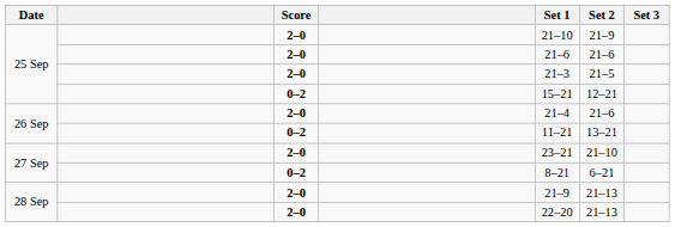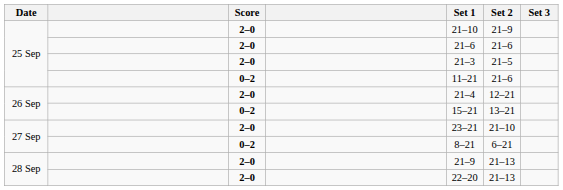 <table class="wikitable" style="text-align: center;">
 <tr>
 <th width="60">Date</th>
 <th align="right" width="270"></th>
 <th width="50">Score</th>
 <th align="left" width="270"></th>
 <th width="50">Set 1</th>
 <th width="50">Set 2</th>
 <th width="50">Set 3</th>
 </tr>
 <tr>
 <td rowspan=4>25 Sep</td>
 <td align=left><strong></strong></td>
 <td align=center><strong>2–0</strong></td>
 <td align=left></td>
 <td>21–10</td>
 <td>21–9</td>
 <td></td>
 </tr>
 <tr>
 <td align=left><strong></strong></td>
 <td align=center><strong>2–0</strong></td>
 <td align=left></td>
 <td>21–6</td>
 <td>21–6</td>
 <td></td>
 </tr>
 <tr>
 <td align=left><strong></strong></td>
 <td align=center><strong>2–0</strong></td>
 <td align=left></td>
 <td>21–3</td>
 <td>21–5</td>
 <td></td>
 </tr>
 <tr>
 <td align=left></td>
 <td align=center><strong>0–2</strong></td>
 <td align=left><strong></strong></td>
-<td>15–21</td>
-<td>12–21</td>
+<td>11–21</td>
+<td>21–6</td>
 <td></td>
 </tr>
 <tr>
 <td rowspan=2>26 Sep</td>
 <td align=left><strong></strong></td>
 <td align=center><strong>2–0</strong></td>
 <td align=left></td>
 <td>21–4</td>
-<td>21–6</td>
+<td>12–21</td>
 <td></td>
 </tr>
 <tr>
 <td align=left></td>
 <td align=center><strong>0–2</strong></td>
 <td align=left><strong></strong></td>
-<td>11–21</td>
+<td>15–21</td>
 <td>13–21</td>
 <td></td>
 </tr>
 <tr>
 <td rowspan=2>27 Sep</td>
 <td align=left><strong></strong></td>
 <td align=center><strong>2–0</strong></td>
 <td align=left></td>
 <td>23–21</td>
 <td>21–10</td>
 <td></td>
 </tr>
 <tr>
 <td align=left></td>
 <td align=center><strong>0–2</strong></td>
 <td align=left><strong></strong></td>
 <td>8–21</td>
 <td>6–21</td>
 <td></td>
 </tr>
 <tr>
 <td rowspan=2>28 Sep</td>
 <td align=left><strong></strong></td>
 <td align=center><strong>2–0</strong></td>
 <td align=left></td>
 <td>21–9</td>
 <td>21–13</td>
 <td></td>
 </tr>
 <tr>
 <td align=left><strong></strong></td>
 <td align=center><strong>2–0</strong></td>
 <td align=left></td>
 <td>22–20</td>
 <td>21–13</td>
 <td></td>
 </tr>
 </table>
